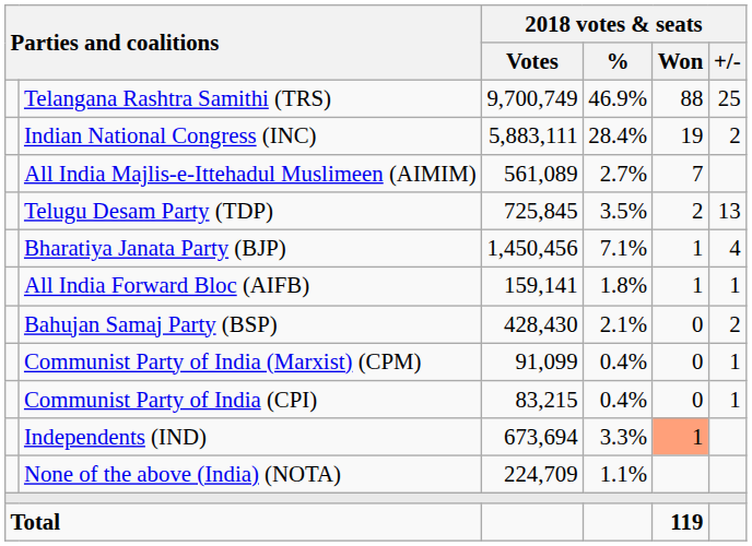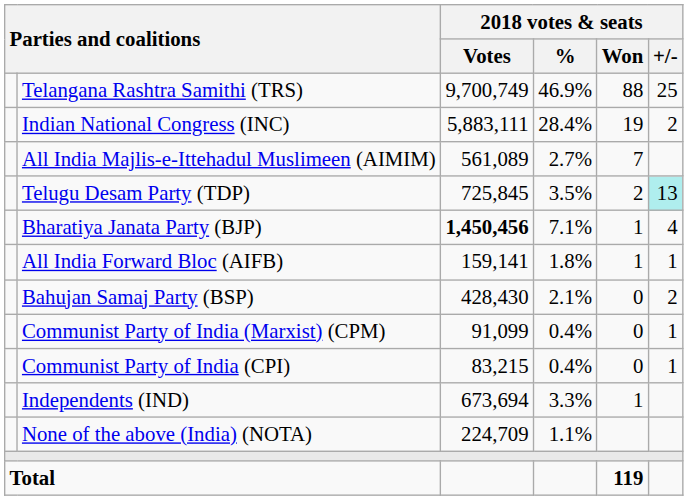 <table class="wikitable" style="text-align:right; font-size:95%;">
 <tr>
 <th colspan="2" rowspan="2" width="300" style="text-align:left;">Parties and coalitions</th>
 <th colspan="4">2018 votes & seats</th>
 </tr>
 <tr>
 <th>Votes</th>
 <th>%</th>
 <th>Won</th>
 <th>+/-</th>
 </tr>
 <tr>
 <td></td>
 <td align="left"><a href='#'>Telangana Rashtra Samithi</a> (TRS)</td>
 <td>9,700,749</td>
 <td>46.9%</td>
 <td>88</td>
 <td>25</td>
 </tr>
 <tr>
 <td width="2"></td>
 <td align="left"><a href='#'>Indian National Congress</a> (INC)</td>
 <td>5,883,111</td>
 <td>28.4%</td>
 <td>19</td>
 <td>2</td>
 </tr>
 <tr>
 <td></td>
 <td align="left"><a href='#'>All India Majlis-e-Ittehadul Muslimeen</a> (AIMIM)</td>
 <td>561,089</td>
 <td>2.7%</td>
 <td>7</td>
 <td></td>
 </tr>
 <tr>
 <td></td>
 <td align="left"><a href='#'>Telugu Desam Party</a> (TDP)</td>
 <td>725,845</td>
 <td>3.5%</td>
 <td>2</td>
-<td>13</td>
+<td style="background: paleturquoise;">13</td>
 </tr>
 <tr>
 <td></td>
 <td align="left"><a href='#'>Bharatiya Janata Party</a> (BJP)</td>
-<td>1,450,456</td>
+<td><strong>1,450,456</strong></td>
 <td>7.1%</td>
 <td>1</td>
 <td>4</td>
 </tr>
 <tr>
 <td></td>
 <td align="left"><a href='#'>All India Forward Bloc</a> (AIFB)</td>
 <td>159,141</td>
 <td>1.8%</td>
 <td>1</td>
 <td>1</td>
 </tr>
 <tr>
 <td></td>
 <td align="left"><a href='#'>Bahujan Samaj Party</a> (BSP)</td>
 <td>428,430</td>
 <td>2.1%</td>
 <td>0</td>
 <td>2</td>
 </tr>
 <tr>
 <td></td>
 <td align="left"><a href='#'>Communist Party of India (Marxist)</a> (CPM)</td>
 <td>91,099</td>
 <td>0.4%</td>
 <td>0</td>
 <td>1</td>
 </tr>
 <tr>
 <td></td>
 <td align="left"><a href='#'>Communist Party of India</a> (CPI)</td>
 <td>83,215</td>
 <td>0.4%</td>
 <td>0</td>
 <td>1</td>
 </tr>
 <tr>
 <td></td>
 <td align="left"><a href='#'>Independents</a> (IND)</td>
 <td>673,694</td>
 <td>3.3%</td>
-<td style="background: lightsalmon;">1</td>
+<td>1</td>
 <td></td>
 </tr>
 <tr>
 <td></td>
 <td align="left"><a href='#'>None of the above (India)</a> (NOTA)</td>
 <td>224,709</td>
 <td>1.1%</td>
 <td></td>
 <td></td>
 </tr>
 <tr>
 <td colspan="7" bgcolor="#E9E9E9"></td>
 </tr>
 <tr style="font-weight:bold;">
 <td colspan="2" align="left">Total</td>
 <td></td>
 <td></td>
 <td>119</td>
 <td></td>
 </tr>
 </table>
